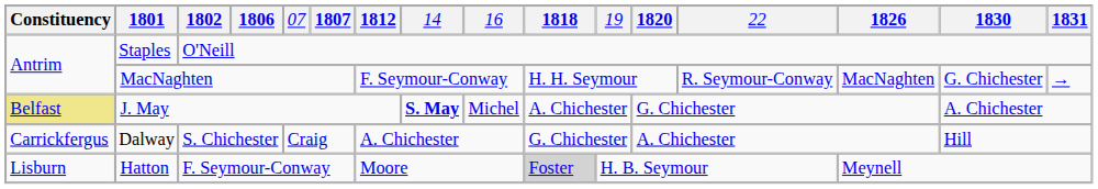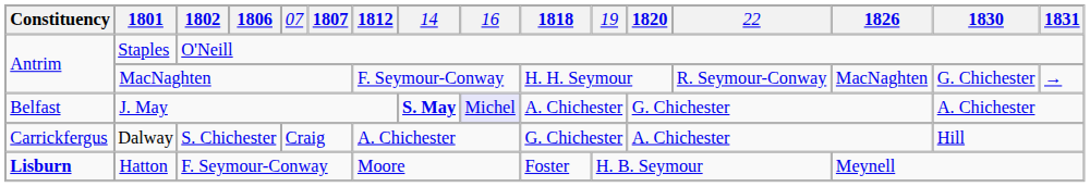 <table class="wikitable" style="border-collapse: separate; border-spacing: 0;">
 <tr>
 <th>Constituency</th>
 <th><a href='#'>1801</a></th>
 <th><a href='#'>1802</a></th>
 <th><a href='#'>1806</a></th>
 <th style="font-weight: normal;"><em><a href='#'>07</a></em></th>
 <th><a href='#'>1807</a></th>
 <th><a href='#'>1812</a></th>
 <th style="font-weight: normal;"><em><a href='#'>14</a></em></th>
 <th style="font-weight: normal;"><em><a href='#'>16</a></em></th>
 <th><a href='#'>1818</a></th>
 <th style="font-weight: normal;"><em><a href='#'>19</a></em></th>
 <th><a href='#'>1820</a></th>
 <th style="font-weight: normal;"><em><a href='#'>22</a></em></th>
 <th><a href='#'>1826</a></th>
 <th><a href='#'>1830</a></th>
 <th><a href='#'>1831</a></th>
 </tr>
 <tr>
 <td rowspan="2"><a href='#'>Antrim</a></td>
 <td style="padding: 1px 2px;"><a href='#'>Staples</a></td>
 <td colspan="14"><a href='#'>O'Neill</a></td>
 </tr>
 <tr>
 <td colspan="5"><a href='#'>MacNaghten</a></td>
 <td colspan="3"><a href='#'>F. Seymour-Conway</a></td>
 <td colspan="3"><a href='#'>H. H. Seymour</a></td>
 <td><a href='#'>R. Seymour-Conway</a></td>
 <td><a href='#'>MacNaghten</a></td>
 <td><a href='#'>G. Chichester</a></td>
 <td><a href='#'>→</a></td>
 </tr>
 <tr>
-<td style="background: khaki;"><a href='#'>Belfast</a></td>
+<td><a href='#'>Belfast</a></td>
 <td colspan="6"><a href='#'>J. May</a></td>
 <td><strong><a href='#'>S. May</a></strong></td>
-<td><a href='#'>Michel</a></td>
+<td style="background: lavender;"><a href='#'>Michel</a></td>
 <td colspan="2"><a href='#'>A. Chichester</a></td>
 <td colspan="3"><a href='#'>G. Chichester</a></td>
 <td colspan="2"><a href='#'>A. Chichester</a></td>
 </tr>
 <tr>
 <td><a href='#'>Carrickfergus</a></td>
 <td style="padding: 1px 2px;">Dalway</td>
 <td colspan="2"><a href='#'>S. Chichester</a></td>
 <td colspan="2"><a href='#'>Craig</a></td>
 <td colspan="3"><a href='#'>A. Chichester</a></td>
 <td colspan="2"><a href='#'>G. Chichester</a></td>
 <td colspan="3"><a href='#'>A. Chichester</a></td>
 <td colspan="2"><a href='#'>Hill</a></td>
 </tr>
 <tr>
-<td><a href='#'>Lisburn</a></td>
+<td><strong><a href='#'>Lisburn</a></strong></td>
 <td><a href='#'>Hatton</a></td>
 <td colspan="4"><a href='#'>F. Seymour-Conway</a></td>
 <td colspan="3"><a href='#'>Moore</a></td>
-<td style="background: lightgrey;"><a href='#'>Foster</a></td>
+<td><a href='#'>Foster</a></td>
 <td colspan="3"><a href='#'>H. B. Seymour</a></td>
 <td colspan="3"><a href='#'>Meynell</a></td>
 </tr>
 </table>
